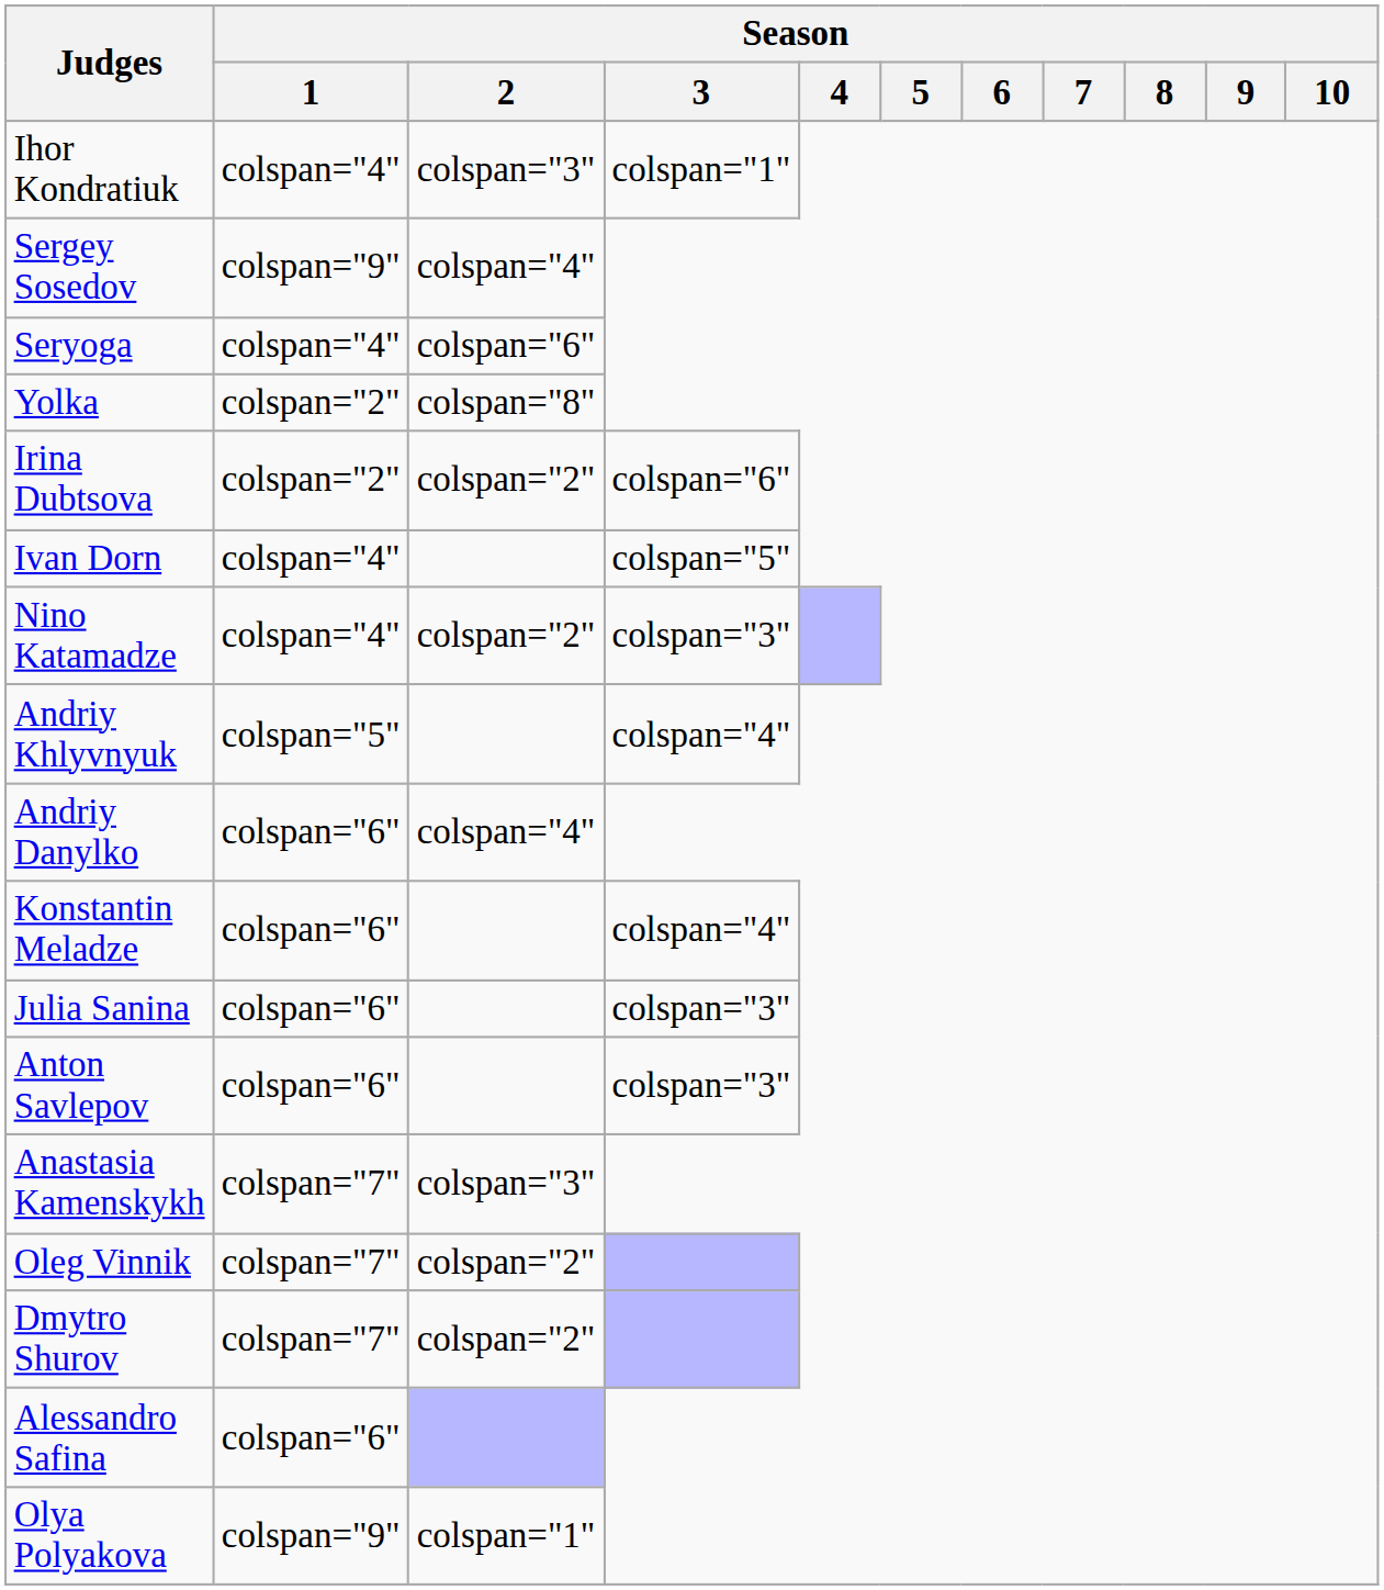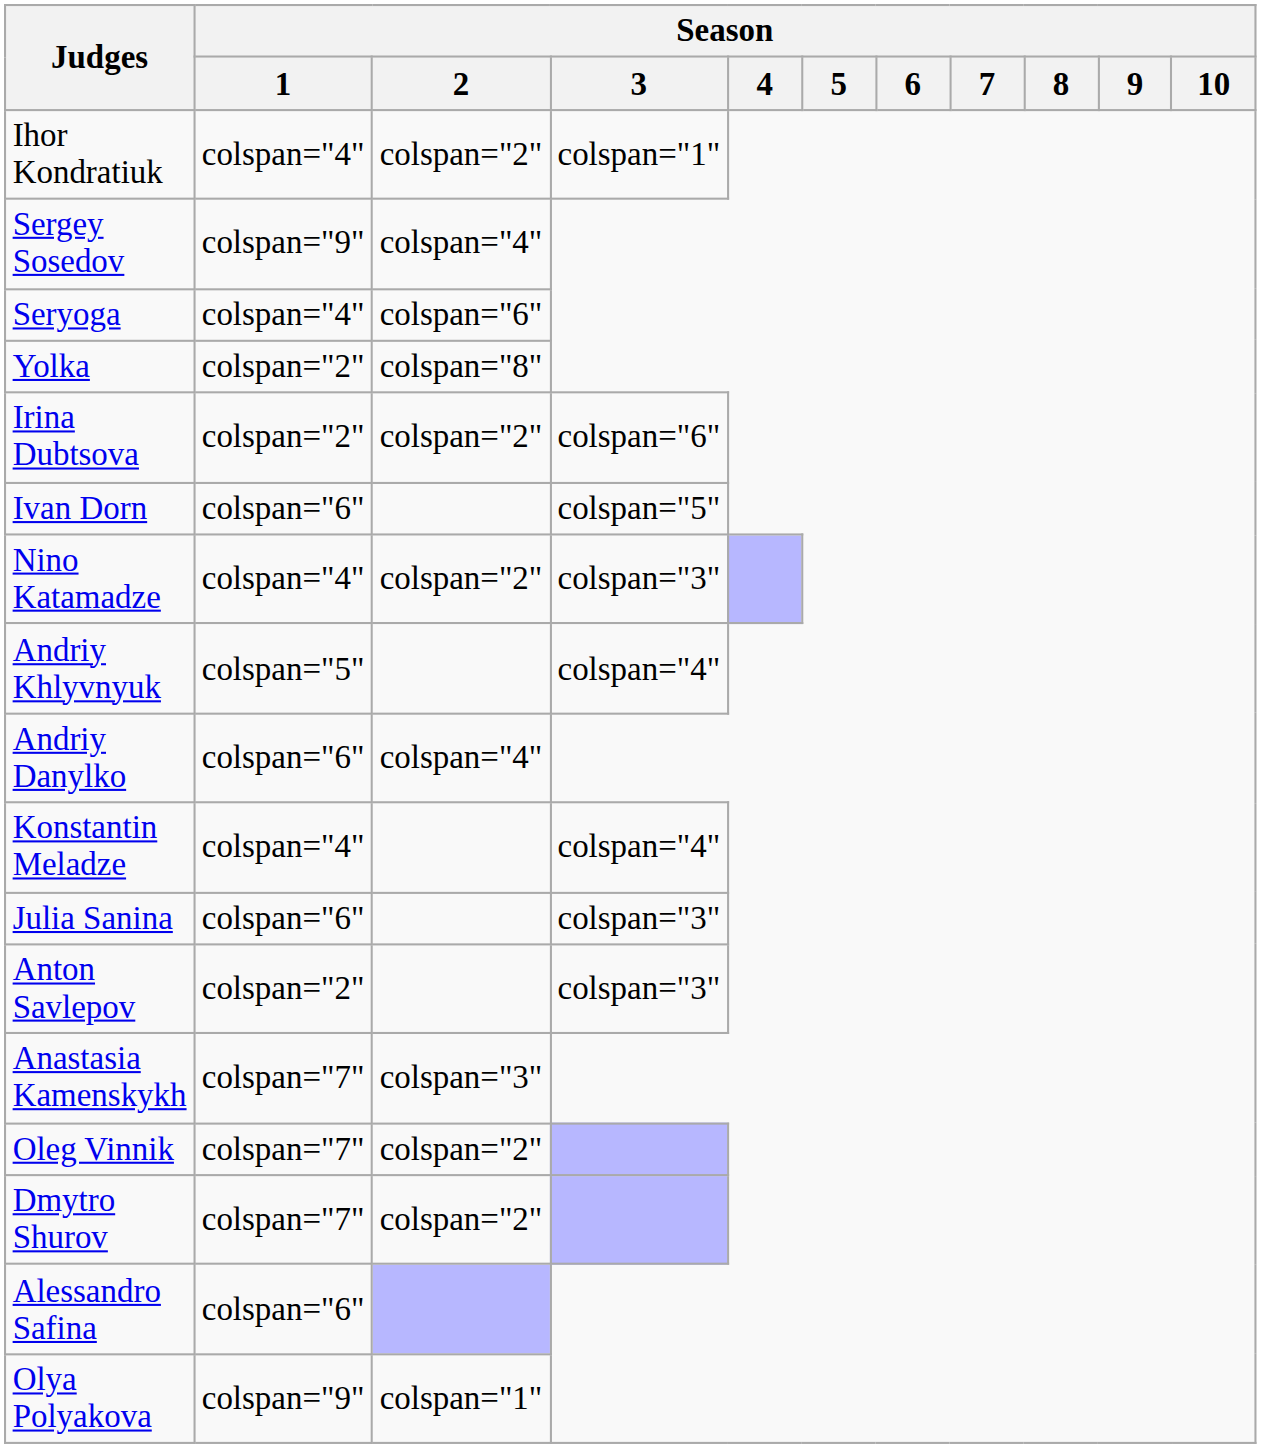 <table class="wikitable" width:"50%">
 <tr>
 <th scope="col"; rowspan="2">Judges</th>
 <th colspan="12">Season</th>
 </tr>
 <tr>
 <th ! width="55">1</th>
 <th width="55">2</th>
 <th width="55">3</th>
 <th width="55">4</th>
 <th width="55">5</th>
 <th width="55">6</th>
 <th width="55">7</th>
 <th width="55">8</th>
 <th width="55">9</th>
 <th width="55">10</th>
 </tr>
 <tr>
 <td>Ihor Kondratiuk</td>
 <td>colspan="4" </td>
-<td>colspan="3" </td>
+<td>colspan="2" </td>
 <td>colspan="1" </td>
 </tr>
 <tr>
 <td><a href='#'>Sergey Sosedov</a></td>
 <td>colspan="9" </td>
 <td>colspan="4" </td>
 </tr>
 <tr>
 <td><a href='#'>Seryoga</a></td>
 <td>colspan="4" </td>
 <td>colspan="6" </td>
 </tr>
 <tr>
 <td><a href='#'>Yolka</a></td>
 <td>colspan="2" </td>
 <td>colspan="8" </td>
 </tr>
 <tr>
 <td><a href='#'>Irina Dubtsova</a></td>
 <td>colspan="2" </td>
 <td>colspan="2" </td>
 <td>colspan="6" </td>
 </tr>
 <tr>
 <td><a href='#'>Ivan Dorn</a></td>
-<td>colspan="4" </td>
+<td>colspan="6" </td>
 <td></td>
 <td>colspan="5" </td>
 </tr>
 <tr>
 <td><a href='#'>Nino Katamadze</a></td>
 <td>colspan="4" </td>
 <td>colspan="2" </td>
 <td>colspan="3" </td>
 <td colspan=1 style="text-align:center; background:#b7b7ff;"></td>
 </tr>
 <tr>
 <td><a href='#'>Andriy Khlyvnyuk</a></td>
 <td>colspan="5" </td>
 <td></td>
 <td>colspan="4" </td>
 </tr>
 <tr>
 <td><a href='#'>Andriy Danylko</a></td>
 <td>colspan="6" </td>
 <td>colspan="4" </td>
 </tr>
 <tr>
 <td><a href='#'>Konstantin Meladze</a></td>
-<td>colspan="6" </td>
+<td>colspan="4" </td>
 <td></td>
 <td>colspan="4" </td>
 </tr>
 <tr>
 <td><a href='#'>Julia Sanina</a></td>
 <td>colspan="6" </td>
 <td></td>
 <td>colspan="3" </td>
 </tr>
 <tr>
 <td><a href='#'>Anton Savlepov</a></td>
-<td>colspan="6" </td>
+<td>colspan="2" </td>
 <td></td>
 <td>colspan="3" </td>
 </tr>
 <tr>
 <td><a href='#'>Anastasia Kamenskykh</a></td>
 <td>colspan="7" </td>
 <td>colspan="3" </td>
 </tr>
 <tr>
 <td><a href='#'>Oleg Vinnik</a></td>
 <td>colspan="7" </td>
 <td>colspan="2" </td>
 <td colspan=1 style="text-align:center; background:#b7b7ff;"></td>
 </tr>
 <tr>
 <td><a href='#'>Dmytro Shurov</a></td>
 <td>colspan="7" </td>
 <td>colspan="2" </td>
 <td colspan=1 style="text-align:center; background:#b7b7ff;"></td>
 </tr>
 <tr>
 <td><a href='#'>Alessandro Safina</a></td>
 <td>colspan="6" </td>
 <td colspan=1 style="text-align:center; background:#b7b7ff;"></td>
 </tr>
 <tr>
 <td><a href='#'>Olya Polyakova</a></td>
 <td>colspan="9" </td>
 <td>colspan="1" </td>
 </tr>
 </table>
